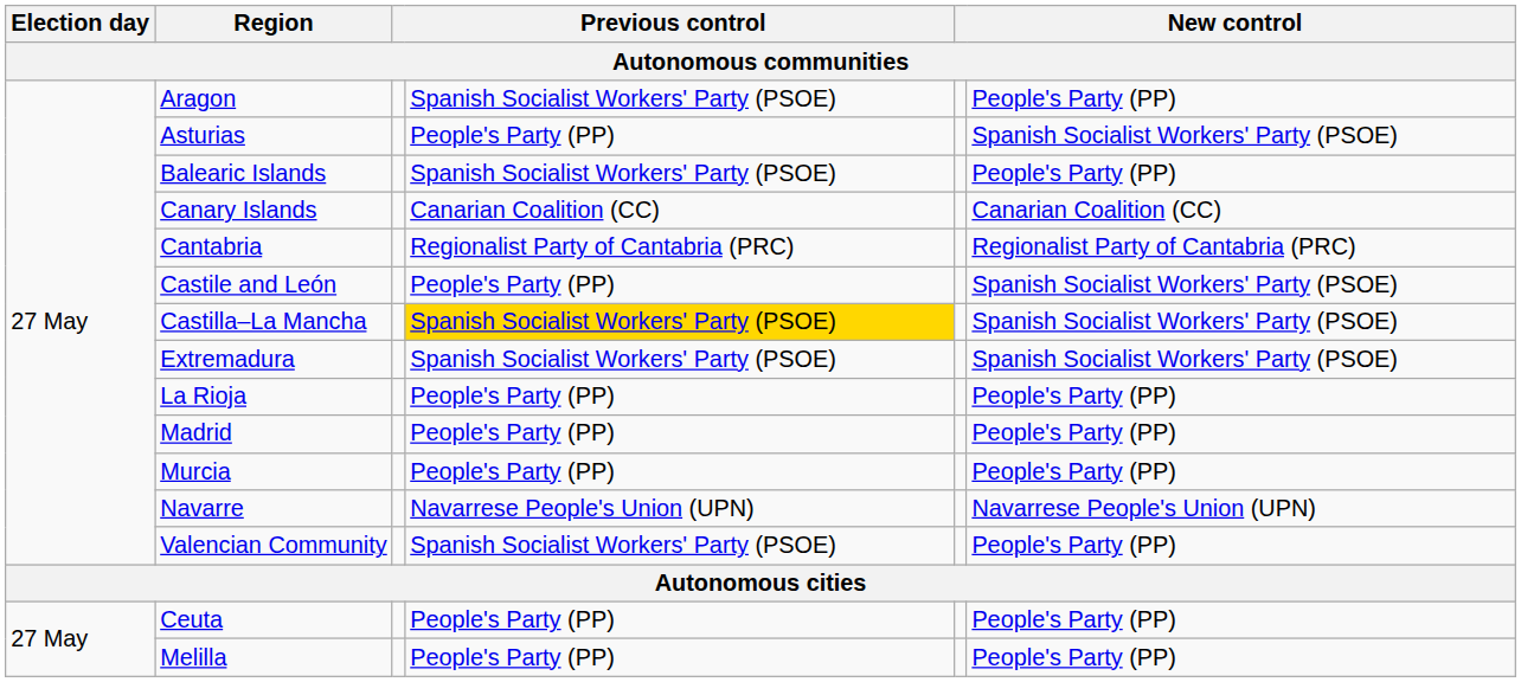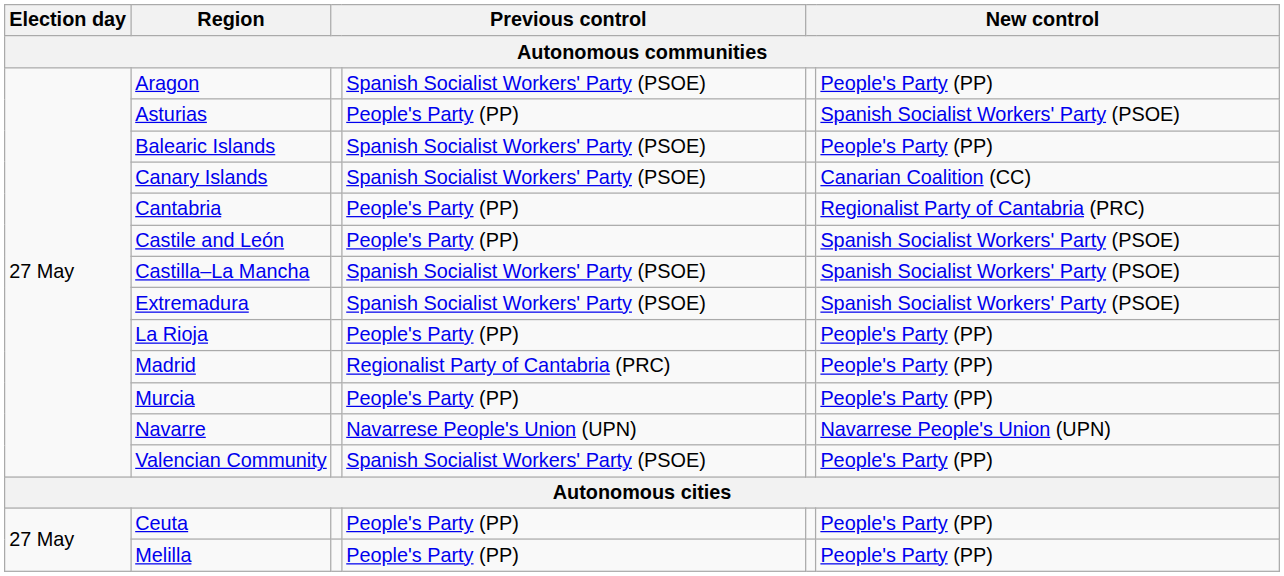 <table class="wikitable">
 <tr>
 <th>Election day</th>
 <th>Region</th>
 <th colspan="2" style="width:375px;">Previous control</th>
 <th colspan="2" style="width:375px;">New control</th>
 </tr>
 <tr>
 <th colspan="6">Autonomous communities</th>
 </tr>
 <tr>
 <td rowspan="13">27 May</td>
 <td><a href='#'>Aragon</a></td>
 <td width="1" style="color:inherit;background:"></td>
 <td><a href='#'>Spanish Socialist Workers' Party</a> (PSOE)</td>
 <td width="1" style="color:inherit;background:"></td>
 <td><a href='#'>People's Party</a> (PP)</td>
 </tr>
 <tr>
 <td><a href='#'>Asturias</a></td>
 <td style="color:inherit;background:"></td>
 <td><a href='#'>People's Party</a> (PP)</td>
 <td style="color:inherit;background:"></td>
 <td><a href='#'>Spanish Socialist Workers' Party</a> (PSOE)</td>
 </tr>
 <tr>
 <td><a href='#'>Balearic Islands</a></td>
 <td style="color:inherit;background:"></td>
 <td><a href='#'>Spanish Socialist Workers' Party</a> (PSOE)</td>
 <td style="color:inherit;background:"></td>
 <td><a href='#'>People's Party</a> (PP)</td>
 </tr>
 <tr>
 <td><a href='#'>Canary Islands</a></td>
 <td style="color:inherit;background:"></td>
-<td><a href='#'>Canarian Coalition</a> (CC)</td>
+<td><a href='#'>Spanish Socialist Workers' Party</a> (PSOE)</td>
 <td style="color:inherit;background:"></td>
 <td><a href='#'>Canarian Coalition</a> (CC)</td>
 </tr>
 <tr>
 <td><a href='#'>Cantabria</a></td>
 <td style="color:inherit;background:"></td>
-<td><a href='#'>Regionalist Party of Cantabria</a> (PRC)</td>
+<td><a href='#'>People's Party</a> (PP)</td>
 <td style="color:inherit;background:"></td>
 <td><a href='#'>Regionalist Party of Cantabria</a> (PRC)</td>
 </tr>
 <tr>
 <td><a href='#'>Castile and León</a></td>
 <td style="color:inherit;background:"></td>
 <td><a href='#'>People's Party</a> (PP)</td>
 <td style="color:inherit;background:"></td>
 <td><a href='#'>Spanish Socialist Workers' Party</a> (PSOE)</td>
 </tr>
 <tr>
 <td><a href='#'>Castilla–La Mancha</a></td>
 <td style="color:inherit;background:"></td>
-<td style="background: gold;"><a href='#'>Spanish Socialist Workers' Party</a> (PSOE)</td>
+<td><a href='#'>Spanish Socialist Workers' Party</a> (PSOE)</td>
 <td style="color:inherit;background:"></td>
 <td><a href='#'>Spanish Socialist Workers' Party</a> (PSOE)</td>
 </tr>
 <tr>
 <td><a href='#'>Extremadura</a></td>
 <td style="color:inherit;background:"></td>
 <td><a href='#'>Spanish Socialist Workers' Party</a> (PSOE)</td>
 <td style="color:inherit;background:"></td>
 <td><a href='#'>Spanish Socialist Workers' Party</a> (PSOE)</td>
 </tr>
 <tr>
 <td><a href='#'>La Rioja</a></td>
 <td style="color:inherit;background:"></td>
 <td><a href='#'>People's Party</a> (PP)</td>
 <td style="color:inherit;background:"></td>
 <td><a href='#'>People's Party</a> (PP)</td>
 </tr>
 <tr>
 <td><a href='#'>Madrid</a></td>
 <td style="color:inherit;background:"></td>
-<td><a href='#'>People's Party</a> (PP)</td>
+<td><a href='#'>Regionalist Party of Cantabria</a> (PRC)</td>
 <td style="color:inherit;background:"></td>
 <td><a href='#'>People's Party</a> (PP)</td>
 </tr>
 <tr>
 <td><a href='#'>Murcia</a></td>
 <td style="color:inherit;background:"></td>
 <td><a href='#'>People's Party</a> (PP)</td>
 <td style="color:inherit;background:"></td>
 <td><a href='#'>People's Party</a> (PP)</td>
 </tr>
 <tr>
 <td><a href='#'>Navarre</a></td>
 <td style="color:inherit;background:"></td>
 <td><a href='#'>Navarrese People's Union</a> (UPN)</td>
 <td style="color:inherit;background:"></td>
 <td><a href='#'>Navarrese People's Union</a> (UPN)</td>
 </tr>
 <tr>
 <td><a href='#'>Valencian Community</a></td>
 <td style="color:inherit;background:"></td>
 <td><a href='#'>Spanish Socialist Workers' Party</a> (PSOE)</td>
 <td style="color:inherit;background:"></td>
 <td><a href='#'>People's Party</a> (PP)</td>
 </tr>
 <tr>
 <th colspan="6">Autonomous cities</th>
 </tr>
 <tr>
 <td rowspan="2">27 May</td>
 <td><a href='#'>Ceuta</a></td>
 <td style="color:inherit;background:"></td>
 <td><a href='#'>People's Party</a> (PP)</td>
 <td style="color:inherit;background:"></td>
 <td><a href='#'>People's Party</a> (PP)</td>
 </tr>
 <tr>
 <td><a href='#'>Melilla</a></td>
 <td style="color:inherit;background:"></td>
 <td><a href='#'>People's Party</a> (PP)</td>
 <td style="color:inherit;background:"></td>
 <td><a href='#'>People's Party</a> (PP)</td>
 </tr>
 </table>
